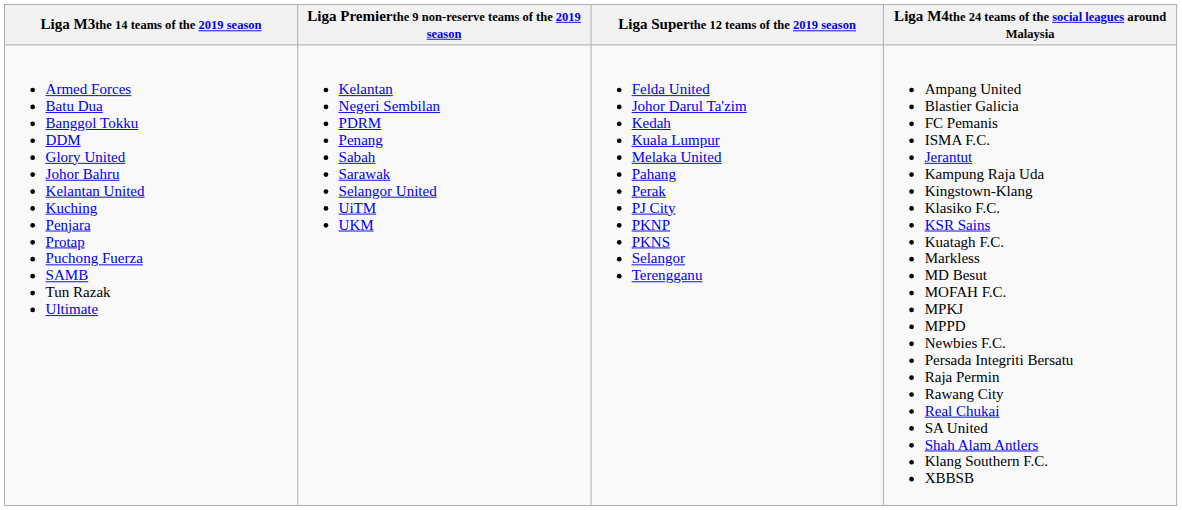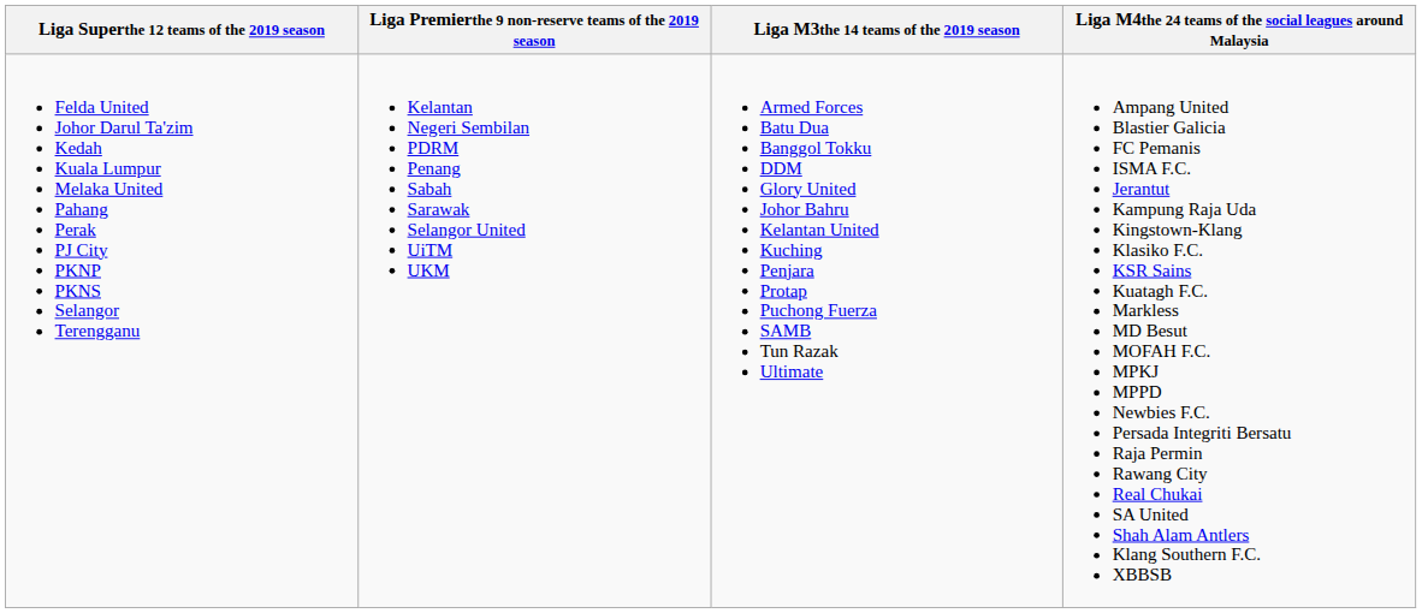 <table class="wikitable">
 <tr>
+<th style="width:25%"><strong>Liga Super</strong><small>the 12 teams of the <a href='#'>2019 season</a></small></th>
+<th style="width:25%"><strong>Liga Premier</strong><small>the 9 non-reserve teams of the <a href='#'>2019 season</a></small></th>
 <th style="width:25%"><strong>Liga M3</strong><small>the 14 teams of the <a href='#'>2019 season</a></small></th>
-<th style="width:25%"><strong>Liga Premier</strong><small>the 9 non-reserve teams of the <a href='#'>2019 season</a></small></th>
-<th style="width:25%"><strong>Liga Super</strong><small>the 12 teams of the <a href='#'>2019 season</a></small></th>
 <th style="width:25%"><strong>Liga M4</strong><small>the 24 teams of the <a href='#'>social leagues</a> around Malaysia</small></th>
 </tr>
 <tr style="vertical-align:top">
+<td><br><ul><li><a href='#'>Felda United</a></li><li><a href='#'>Johor Darul Ta'zim</a></li><li><a href='#'>Kedah</a></li><li><a href='#'>Kuala Lumpur</a></li><li><a href='#'>Melaka United</a></li><li><a href='#'>Pahang</a></li><li><a href='#'>Perak</a></li><li><a href='#'>PJ City</a></li><li><a href='#'>PKNP</a></li><li><a href='#'>PKNS</a></li><li><a href='#'>Selangor</a></li><li><a href='#'>Terengganu</a></li></ul></td>
+<td><br><ul><li><a href='#'>Kelantan</a></li><li><a href='#'>Negeri Sembilan</a></li><li><a href='#'>PDRM</a></li><li><a href='#'>Penang</a></li><li><a href='#'>Sabah</a></li><li><a href='#'>Sarawak</a></li><li><a href='#'>Selangor United</a></li><li><a href='#'>UiTM</a></li><li><a href='#'>UKM</a></li></ul></td>
 <td><br><ul><li><a href='#'>Armed Forces</a></li><li><a href='#'>Batu Dua</a></li><li><a href='#'>Banggol Tokku</a></li><li><a href='#'>DDM</a></li><li><a href='#'>Glory United</a></li><li><a href='#'>Johor Bahru</a></li><li><a href='#'>Kelantan United</a></li><li><a href='#'>Kuching</a></li><li><a href='#'>Penjara</a></li><li><a href='#'>Protap</a></li><li><a href='#'>Puchong Fuerza</a></li><li><a href='#'>SAMB</a></li><li>Tun Razak</li><li><a href='#'>Ultimate</a></li></ul></td>
-<td><br><ul><li><a href='#'>Kelantan</a></li><li><a href='#'>Negeri Sembilan</a></li><li><a href='#'>PDRM</a></li><li><a href='#'>Penang</a></li><li><a href='#'>Sabah</a></li><li><a href='#'>Sarawak</a></li><li><a href='#'>Selangor United</a></li><li><a href='#'>UiTM</a></li><li><a href='#'>UKM</a></li></ul></td>
-<td><br><ul><li><a href='#'>Felda United</a></li><li><a href='#'>Johor Darul Ta'zim</a></li><li><a href='#'>Kedah</a></li><li><a href='#'>Kuala Lumpur</a></li><li><a href='#'>Melaka United</a></li><li><a href='#'>Pahang</a></li><li><a href='#'>Perak</a></li><li><a href='#'>PJ City</a></li><li><a href='#'>PKNP</a></li><li><a href='#'>PKNS</a></li><li><a href='#'>Selangor</a></li><li><a href='#'>Terengganu</a></li></ul></td>
 <td><br><ul><li>Ampang United</li><li>Blastier Galicia</li><li>FC Pemanis</li><li>ISMA F.C.</li><li><a href='#'>Jerantut</a></li><li>Kampung Raja Uda</li><li>Kingstown-Klang</li><li>Klasiko F.C.</li><li><a href='#'>KSR Sains</a></li><li>Kuatagh F.C.</li><li>Markless</li><li>MD Besut</li><li>MOFAH F.C.</li><li>MPKJ</li><li>MPPD</li><li>Newbies F.C.</li><li>Persada Integriti Bersatu</li><li>Raja Permin</li><li>Rawang City</li><li><a href='#'>Real Chukai</a></li><li>SA United</li><li><a href='#'>Shah Alam Antlers</a></li><li>Klang Southern F.C.</li><li>XBBSB</li></ul></td>
 </tr>
 </table>
